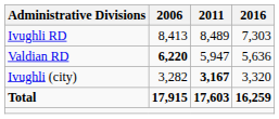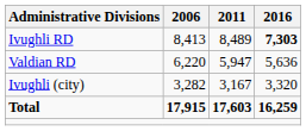 <table class="wikitable">
 <tr>
 <th>Administrative Divisions</th>
 <th>2006</th>
 <th>2011</th>
 <th>2016</th>
 </tr>
 <tr>
 <td><a href='#'>Ivughli RD</a></td>
 <td style="text-align: right;">8,413</td>
 <td style="text-align: right;">8,489</td>
-<td style="text-align: right;">7,303</td>
+<td style="text-align: right;"><strong>7,303</strong></td>
 </tr>
 <tr>
 <td><a href='#'>Valdian RD</a></td>
-<td style="text-align: right;"><strong>6,220</strong></td>
+<td style="text-align: right;">6,220</td>
 <td style="text-align: right;">5,947</td>
 <td style="text-align: right;">5,636</td>
 </tr>
 <tr>
 <td><a href='#'>Ivughli</a> (city)</td>
 <td style="text-align: right;">3,282</td>
-<td style="text-align: right;"><strong>3,167</strong></td>
+<td style="text-align: right;">3,167</td>
 <td style="text-align: right;">3,320</td>
 </tr>
 <tr>
 <td><strong>Total</strong></td>
 <td style="text-align: right;"><strong>17,915</strong></td>
 <td style="text-align: right;"><strong>17,603</strong></td>
 <td style="text-align: right;"><strong>16,259</strong></td>
 </tr>
 <tr>
 <td colspan=4></td>
 </tr>
 </table>
